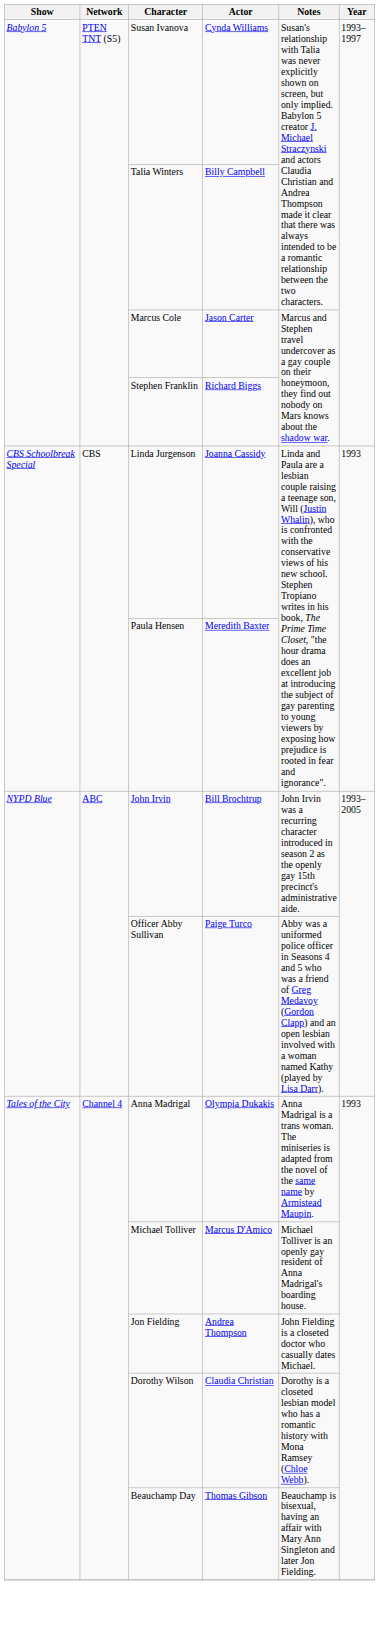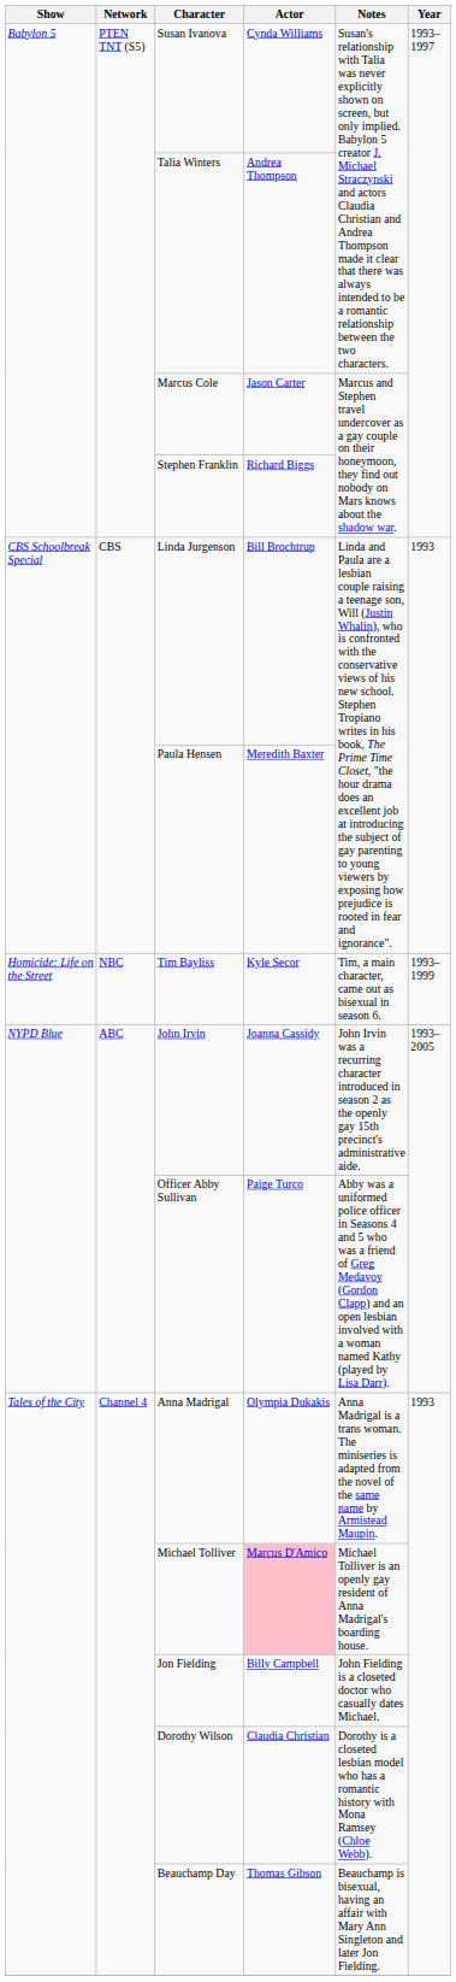 <table class="sortable wikitable" style="margins:auto; width=100%;">
 <tr>
 <th style="width:200px;">Show</th>
 <th style="width:100px;">Network</th>
 <th style="width:200px;">Character</th>
 <th style="width:225px;">Actor</th>
 <th>Notes</th>
 <th style="width:75px;">Year</th>
 </tr>
 <tr valign="top">
 <td rowspan="4"><em><a href='#'>Babylon 5</a></em></td>
 <td rowspan="4"><a href='#'>PTEN</a> <br> <a href='#'>TNT</a> (S5)</td>
 <td>Susan Ivanova</td>
 <td><a href='#'>Cynda Williams</a></td>
 <td rowspan="2">Susan's relationship with Talia was never explicitly shown on screen, but only implied. Babylon 5 creator <a href='#'>J. Michael Straczynski</a> and actors Claudia Christian and Andrea Thompson made it clear that there was always intended to be a romantic relationship between the two characters.</td>
 <td rowspan="4">1993–1997</td>
 </tr>
 <tr valign="top">
 <td>Talia Winters</td>
-<td><a href='#'>Billy Campbell</a></td>
+<td><a href='#'>Andrea Thompson</a></td>
 </tr>
 <tr valign="top">
 <td>Marcus Cole</td>
 <td><a href='#'>Jason Carter</a></td>
 <td rowspan="2">Marcus and Stephen travel undercover as a gay couple on their honeymoon, they find out nobody on Mars knows about the <a href='#'>shadow war</a>.</td>
 </tr>
 <tr valign="top">
 <td>Stephen Franklin</td>
 <td><a href='#'>Richard Biggs</a></td>
 </tr>
 <tr valign="top">
 <td rowspan="2"><em><a href='#'>CBS Schoolbreak Special</a></em></td>
 <td rowspan="2">CBS</td>
 <td>Linda Jurgenson</td>
-<td><a href='#'>Joanna Cassidy</a></td>
+<td><a href='#'>Bill Brochtrup</a></td>
 <td rowspan="2">Linda and Paula are a lesbian couple raising a teenage son, Will (<a href='#'>Justin Whalin</a>), who is confronted with the conservative views of his new school.  Stephen Tropiano writes in his book, <em>The Prime Time Closet</em>, "the hour drama does an excellent job at introducing the subject of gay parenting to young viewers by exposing how prejudice is rooted in fear and ignorance".</td>
 <td rowspan="2">1993</td>
 </tr>
 <tr valign="top">
 <td>Paula Hensen</td>
 <td><a href='#'>Meredith Baxter</a></td>
 </tr>
 <tr valign="top">
+<td><em><a href='#'>Homicide: Life on the Street</a></em></td>
+<td><a href='#'>NBC</a></td>
+<td><a href='#'>Tim Bayliss</a></td>
+<td><a href='#'>Kyle Secor</a></td>
+<td>Tim, a main character, came out as bisexual in season 6.</td>
+<td>1993–1999</td>
+</tr>
+<tr valign="top">
 <td rowspan="2"><em><a href='#'>NYPD Blue</a></em></td>
 <td rowspan="2"><a href='#'>ABC</a></td>
 <td><a href='#'>John Irvin</a></td>
-<td><a href='#'>Bill Brochtrup</a></td>
+<td><a href='#'>Joanna Cassidy</a></td>
 <td>John Irvin was a recurring character introduced in season 2 as the openly gay 15th precinct's administrative aide.</td>
 <td rowspan="2">1993–2005</td>
 </tr>
 <tr valign="top">
 <td>Officer Abby Sullivan</td>
 <td><a href='#'>Paige Turco</a></td>
 <td>Abby was a uniformed police officer in Seasons 4 and 5 who was a friend of <a href='#'>Greg Medavoy</a> (<a href='#'>Gordon Clapp</a>) and an open lesbian involved with a woman named Kathy (played by <a href='#'>Lisa Darr</a>).</td>
 </tr>
 <tr valign="top">
 <td rowspan="5"><em><a href='#'>Tales of the City</a></em></td>
 <td rowspan="5"><a href='#'>Channel 4</a></td>
 <td>Anna Madrigal</td>
 <td><a href='#'>Olympia Dukakis</a></td>
 <td>Anna Madrigal is a trans woman. The miniseries is adapted from the novel of the <a href='#'>same name</a> by <a href='#'>Armistead Maupin</a>.</td>
 <td rowspan="5">1993</td>
 </tr>
 <tr valign="top">
 <td>Michael Tolliver</td>
-<td><a href='#'>Marcus D'Amico</a></td>
+<td style="background: pink;"><a href='#'>Marcus D'Amico</a></td>
 <td>Michael Tolliver is an openly gay resident of Anna Madrigal's boarding house.</td>
 </tr>
 <tr valign="top">
 <td>Jon Fielding</td>
-<td><a href='#'>Andrea Thompson</a></td>
+<td><a href='#'>Billy Campbell</a></td>
 <td>John Fielding is a closeted doctor who casually dates Michael.</td>
 </tr>
 <tr valign="top">
 <td>Dorothy Wilson</td>
 <td><a href='#'>Claudia Christian</a></td>
 <td>Dorothy is a closeted lesbian model who has a romantic history with Mona Ramsey (<a href='#'>Chloe Webb</a>).</td>
 </tr>
 <tr valign="top">
 <td>Beauchamp Day</td>
 <td><a href='#'>Thomas Gibson</a></td>
 <td>Beauchamp is bisexual, having an affair with Mary Ann Singleton and later Jon Fielding.</td>
 </tr>
 <tr valign="top">
 </tr>
 </table>
